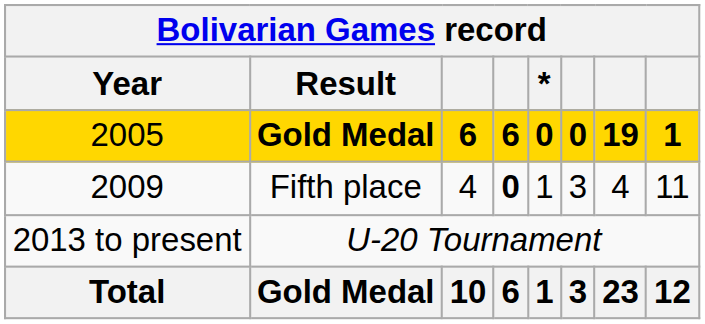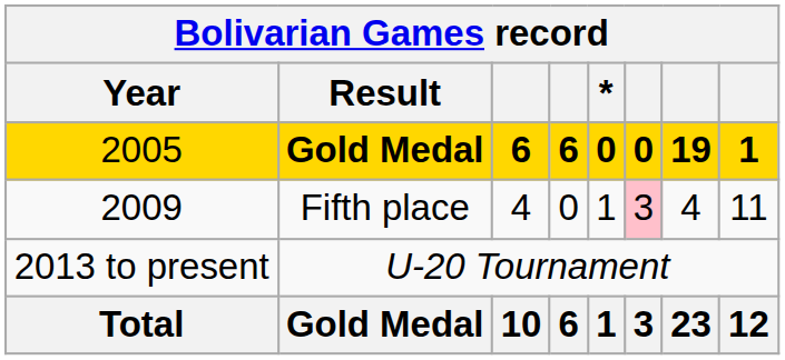 <table class="wikitable" style="text-align: center;">
 <tr>
 <th colspan=8><a href='#'>Bolivarian Games</a> record</th>
 </tr>
 <tr>
 <th>Year</th>
 <th>Result</th>
 <th></th>
 <th></th>
 <th>*</th>
 <th></th>
 <th></th>
 <th></th>
 </tr>
 <tr style="background:Gold;">
 <td> 2005</td>
 <td><strong>Gold Medal</strong></td>
 <td><strong>6</strong></td>
 <td><strong>6</strong></td>
 <td><strong>0</strong></td>
 <td><strong>0</strong></td>
 <td><strong>19</strong></td>
 <td><strong>1</strong></td>
 </tr>
 <tr>
 <td> 2009</td>
 <td>Fifth place</td>
 <td>4</td>
-<td><strong>0</strong></td>
+<td>0</td>
 <td>1</td>
-<td>3</td>
+<td style="background: pink;">3</td>
 <td>4</td>
 <td>11</td>
 </tr>
 <tr>
 <td> 2013 to present</td>
 <td colspan=7><em>U-20 Tournament</em></td>
 </tr>
 <tr>
 <th>Total</th>
 <th>Gold Medal</th>
 <th>10</th>
 <th>6</th>
 <th>1</th>
 <th>3</th>
 <th>23</th>
 <th>12</th>
 </tr>
 </table>
